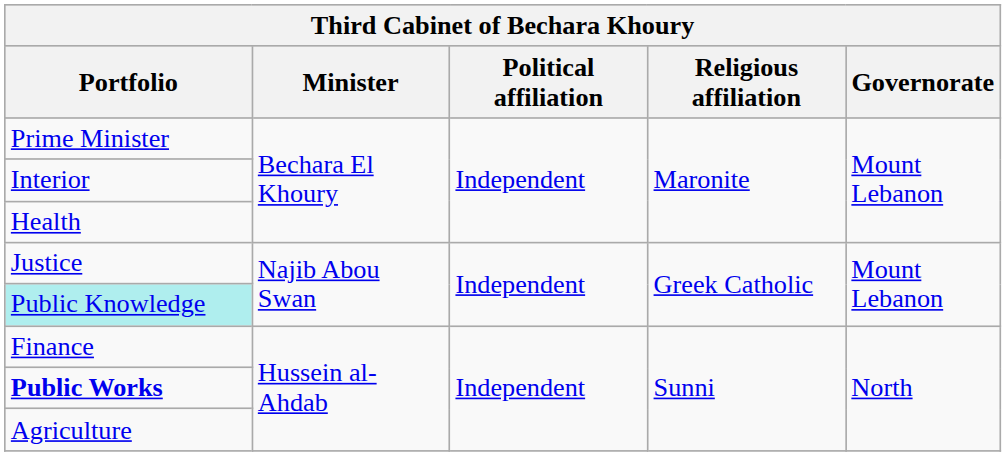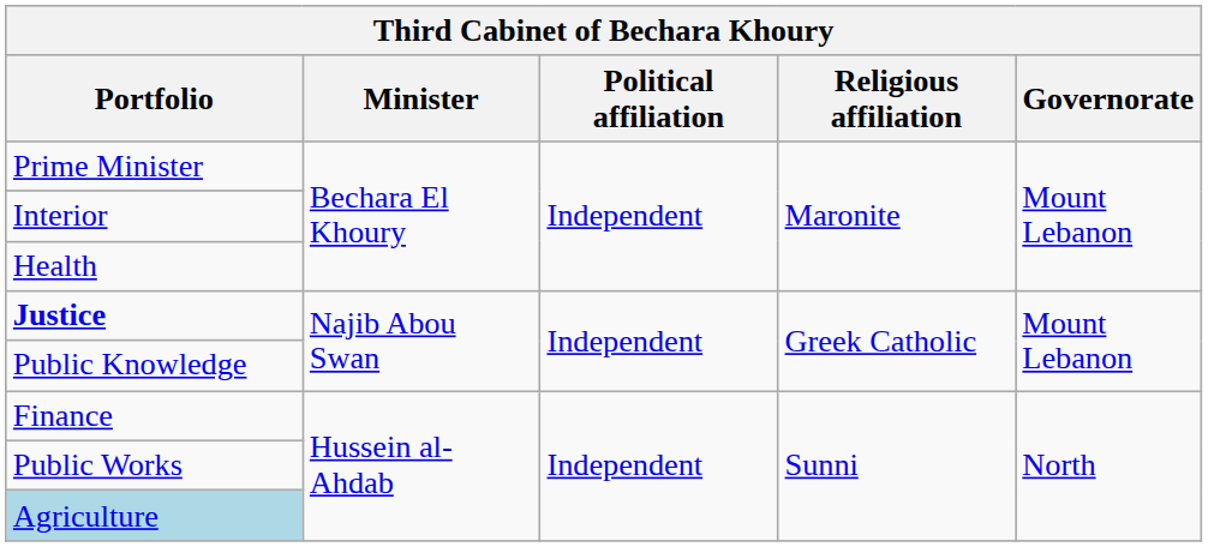 <table class="wikitable">
 <tr>
 <th colspan="5">Third Cabinet of Bechara Khoury</th>
 </tr>
 <tr>
 <th width="25%">Portfolio</th>
 <th width="20%">Minister</th>
 <th width="20%">Political affiliation</th>
 <th width="20%">Religious affiliation</th>
 <th width="20%">Governorate</th>
 </tr>
 <tr>
 <td><a href='#'>Prime Minister</a></td>
 <td rowspan="3"><a href='#'>Bechara El Khoury</a></td>
 <td rowspan="3"> <a href='#'>Independent</a></td>
 <td rowspan="3"><a href='#'>Maronite</a></td>
 <td rowspan="3"><a href='#'>Mount Lebanon</a></td>
 </tr>
 <tr>
 <td><a href='#'>Interior</a></td>
 </tr>
 <tr>
 <td><a href='#'>Health</a></td>
 </tr>
 <tr>
-<td><a href='#'>Justice</a></td>
+<td><strong><a href='#'>Justice</a></strong></td>
 <td rowspan="2"><a href='#'>Najib Abou Swan</a></td>
 <td rowspan="2"> <a href='#'>Independent</a></td>
 <td rowspan="2"><a href='#'>Greek Catholic</a></td>
 <td rowspan="2"><a href='#'>Mount Lebanon</a></td>
 </tr>
 <tr>
-<td style="background: paleturquoise;"><a href='#'>Public Knowledge</a></td>
+<td><a href='#'>Public Knowledge</a></td>
 </tr>
 <tr>
 <td><a href='#'>Finance</a></td>
 <td rowspan="3"><a href='#'>Hussein al-Ahdab</a></td>
 <td rowspan="3"> <a href='#'>Independent</a></td>
 <td rowspan="3"><a href='#'>Sunni</a></td>
 <td rowspan="3"><a href='#'>North</a></td>
 </tr>
 <tr>
-<td><strong><a href='#'>Public Works</a></strong></td>
+<td><a href='#'>Public Works</a></td>
 </tr>
 <tr>
-<td><a href='#'>Agriculture</a></td>
+<td style="background: lightblue;"><a href='#'>Agriculture</a></td>
 </tr>
 </table>
